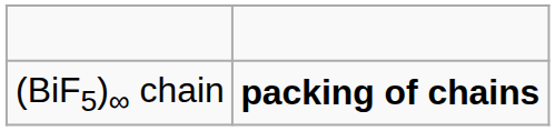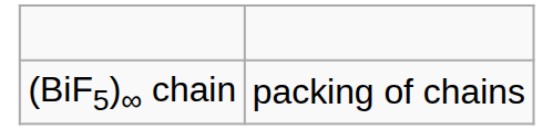 <table class="wikitable" style="margin:1em auto; text-align:center;">
 <tr>
 <td><br></td>
 <td> </td>
 </tr>
 <tr>
 <td>(BiF<sub>5</sub>)<sub>∞</sub> chain</td>
-<td><strong>packing of chains</strong></td>
+<td>packing of chains</td>
 </tr>
 </table>
